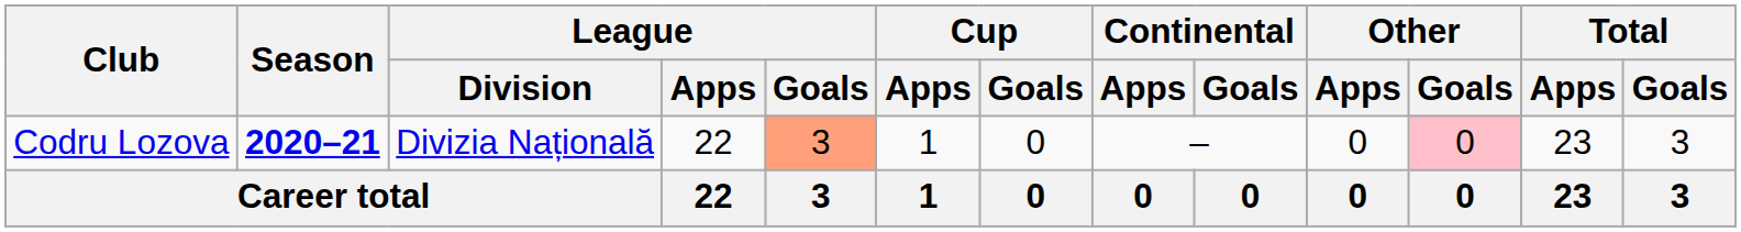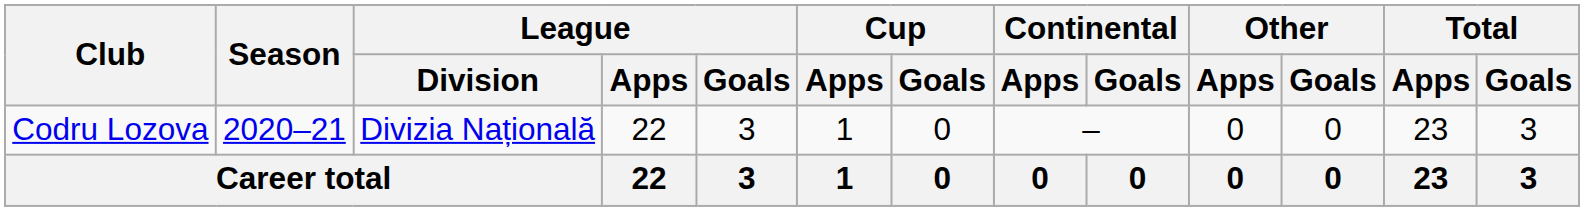 <table class="wikitable" style="text-align: center">
 <tr>
 <th rowspan="2">Club</th>
 <th rowspan="2">Season</th>
 <th colspan="3">League</th>
 <th colspan="2">Cup</th>
 <th colspan="2">Continental</th>
 <th colspan="2">Other</th>
 <th colspan="2">Total</th>
 </tr>
 <tr>
 <th>Division</th>
 <th>Apps</th>
 <th>Goals</th>
 <th>Apps</th>
 <th>Goals</th>
 <th>Apps</th>
 <th>Goals</th>
 <th>Apps</th>
 <th>Goals</th>
 <th>Apps</th>
 <th>Goals</th>
 </tr>
 <tr>
 <td><a href='#'>Codru Lozova</a></td>
-<td><strong><a href='#'>2020–21</a></strong></td>
+<td><a href='#'>2020–21</a></td>
 <td><a href='#'>Divizia Națională</a></td>
 <td>22</td>
-<td style="background: lightsalmon;">3</td>
+<td>3</td>
 <td>1</td>
 <td>0</td>
 <td colspan="2">–</td>
 <td>0</td>
-<td style="background: pink;">0</td>
+<td>0</td>
 <td>23</td>
 <td>3</td>
 </tr>
 <tr>
 <th colspan=3>Career total</th>
 <th>22</th>
 <th>3</th>
 <th>1</th>
 <th>0</th>
 <th>0</th>
 <th>0</th>
 <th>0</th>
 <th>0</th>
 <th>23</th>
 <th>3</th>
 </tr>
 </table>
